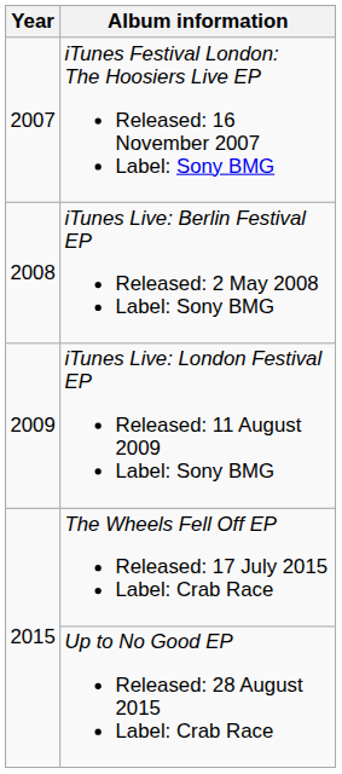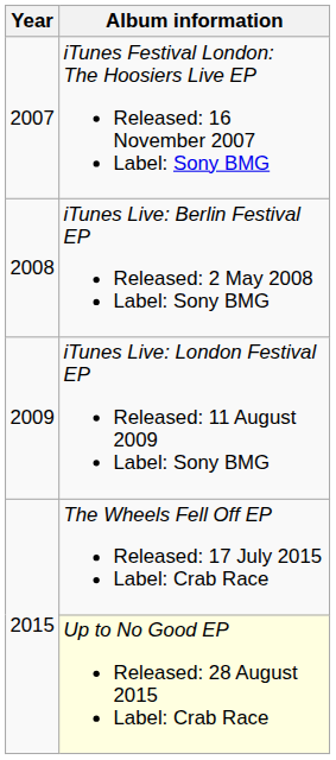 <table class="wikitable">
 <tr>
 <th>Year</th>
 <th style="width:210px;">Album information</th>
 </tr>
 <tr>
 <td>2007</td>
 <td><em>iTunes Festival London: <br>The Hoosiers Live EP</em><br><ul><li>Released: 16 November 2007</li><li>Label: <a href='#'>Sony BMG</a></li></ul></td>
 </tr>
 <tr>
 <td>2008</td>
 <td><em>iTunes Live: Berlin Festival EP</em><br><ul><li>Released: 2 May 2008</li><li>Label: Sony BMG</li></ul></td>
 </tr>
 <tr>
 <td>2009</td>
 <td><em>iTunes Live: London Festival EP</em><br><ul><li>Released: 11 August 2009</li><li>Label: Sony BMG</li></ul></td>
 </tr>
 <tr>
 <td rowspan=2>2015</td>
 <td><em>The Wheels Fell Off EP</em><br><ul><li>Released: 17 July 2015</li><li>Label: Crab Race</li></ul></td>
 </tr>
 <tr>
-<td><em>Up to No Good EP</em><br><ul><li>Released: 28 August 2015</li><li>Label: Crab Race</li></ul></td>
+<td style="background: lightyellow;"><em>Up to No Good EP</em><br><ul><li>Released: 28 August 2015</li><li>Label: Crab Race</li></ul></td>
 </tr>
 </table>
